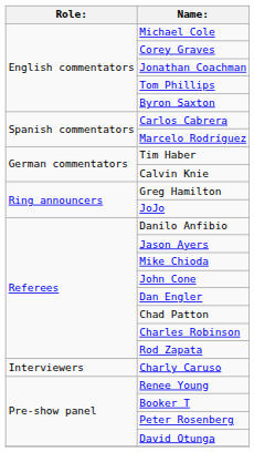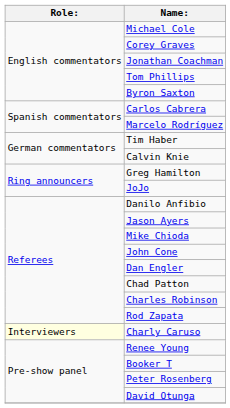 <table class=wikitable style="font-size:90%; margin: 0.5em 0 0.5em 1em; float: right; clear: right;">
 <tr>
 <th>Role:</th>
 <th>Name:</th>
 </tr>
 <tr>
 <td rowspan=5>English commentators</td>
 <td><a href='#'>Michael Cole</a> </td>
 </tr>
 <tr>
 <td><a href='#'>Corey Graves</a> </td>
 </tr>
 <tr>
 <td><a href='#'>Jonathan Coachman</a> </td>
 </tr>
 <tr>
 <td><a href='#'>Tom Phillips</a> </td>
 </tr>
 <tr>
 <td><a href='#'>Byron Saxton</a> </td>
 </tr>
 <tr>
 <td rowspan=2>Spanish commentators</td>
 <td><a href='#'>Carlos Cabrera</a></td>
 </tr>
 <tr>
 <td><a href='#'>Marcelo Rodríguez</a></td>
 </tr>
 <tr>
 <td rowspan=2>German commentators</td>
 <td>Tim Haber</td>
 </tr>
 <tr>
 <td>Calvin Knie</td>
 </tr>
 <tr>
 <td rowspan=2><a href='#'>Ring announcers</a></td>
 <td>Greg Hamilton </td>
 </tr>
 <tr>
 <td><a href='#'>JoJo</a> </td>
 </tr>
 <tr>
 <td rowspan=8><a href='#'>Referees</a></td>
 <td>Danilo Anfibio</td>
 </tr>
 <tr>
 <td><a href='#'>Jason Ayers</a></td>
 </tr>
 <tr>
 <td><a href='#'>Mike Chioda</a></td>
 </tr>
 <tr>
 <td><a href='#'>John Cone</a></td>
 </tr>
 <tr>
 <td><a href='#'>Dan Engler</a></td>
 </tr>
 <tr>
 <td>Chad Patton</td>
 </tr>
 <tr>
 <td><a href='#'>Charles Robinson</a></td>
 </tr>
 <tr>
 <td><a href='#'>Rod Zapata</a></td>
 </tr>
 <tr>
-<td rowspan=1>Interviewers</td>
+<td rowspan=1 style="background: lightyellow;">Interviewers</td>
 <td><a href='#'>Charly Caruso</a></td>
 </tr>
 <tr>
 <td rowspan=4>Pre-show panel</td>
 <td><a href='#'>Renee Young</a></td>
 </tr>
 <tr>
 <td><a href='#'>Booker T</a></td>
 </tr>
 <tr>
 <td><a href='#'>Peter Rosenberg</a></td>
 </tr>
 <tr>
 <td><a href='#'>David Otunga</a></td>
 </tr>
 <tr>
 </tr>
 </table>
